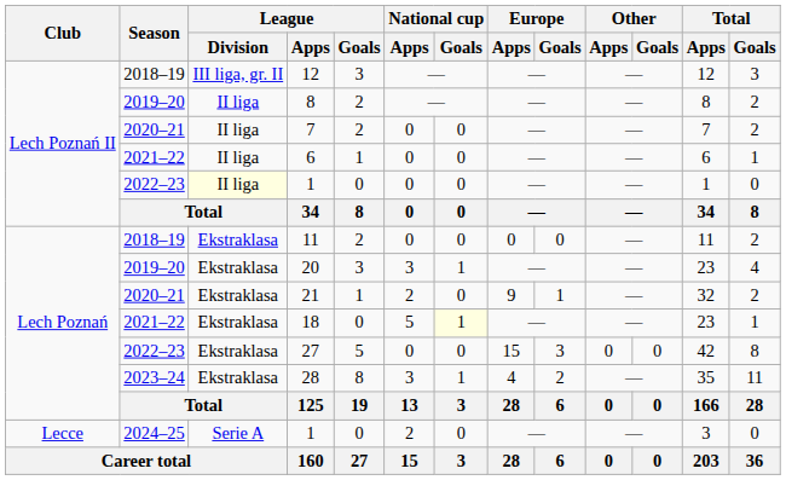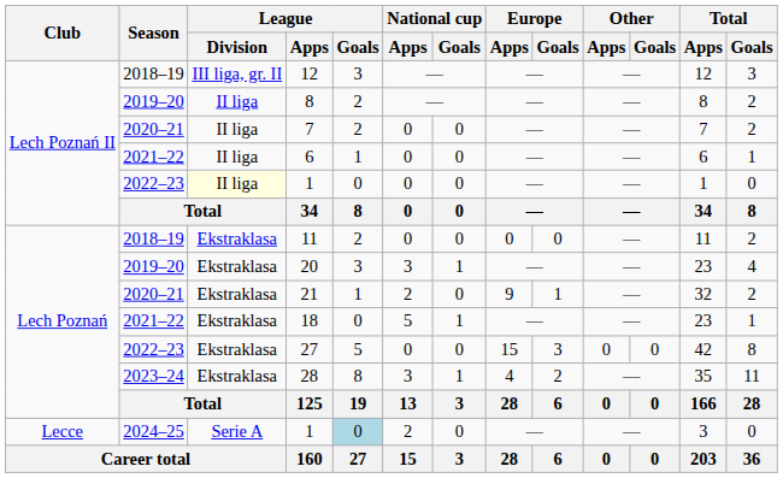 <table class="wikitable" style="text-align: center;">
 <tr>
 <th rowspan="2">Club</th>
 <th rowspan="2">Season</th>
 <th colspan="3">League</th>
 <th colspan="2">National cup</th>
 <th colspan="2">Europe</th>
 <th colspan="2">Other</th>
 <th colspan="2">Total</th>
 </tr>
 <tr>
 <th>Division</th>
 <th>Apps</th>
 <th>Goals</th>
 <th>Apps</th>
 <th>Goals</th>
 <th>Apps</th>
 <th>Goals</th>
 <th>Apps</th>
 <th>Goals</th>
 <th>Apps</th>
 <th>Goals</th>
 </tr>
 <tr>
 <td rowspan="6"><a href='#'>Lech Poznań II</a></td>
 <td>2018–19</td>
 <td rowspan="1"><a href='#'>III liga, gr. II</a></td>
 <td>12</td>
 <td>3</td>
 <td colspan="2">—</td>
 <td colspan="2">—</td>
 <td colspan="2">—</td>
 <td>12</td>
 <td>3</td>
 </tr>
 <tr>
 <td><a href='#'>2019–20</a></td>
 <td><a href='#'>II liga</a></td>
 <td>8</td>
 <td>2</td>
 <td colspan="2">—</td>
 <td colspan="2">—</td>
 <td colspan="2">—</td>
 <td>8</td>
 <td>2</td>
 </tr>
 <tr>
 <td><a href='#'>2020–21</a></td>
 <td>II liga</td>
 <td>7</td>
 <td>2</td>
 <td>0</td>
 <td>0</td>
 <td colspan="2">—</td>
 <td colspan="2">—</td>
 <td>7</td>
 <td>2</td>
 </tr>
 <tr>
 <td><a href='#'>2021–22</a></td>
 <td>II liga</td>
 <td>6</td>
 <td>1</td>
 <td>0</td>
 <td>0</td>
 <td colspan="2">—</td>
 <td colspan="2">—</td>
 <td>6</td>
 <td>1</td>
 </tr>
 <tr>
 <td><a href='#'>2022–23</a></td>
 <td style="background: lightyellow;">II liga</td>
 <td>1</td>
 <td>0</td>
 <td>0</td>
 <td>0</td>
 <td colspan="2">—</td>
 <td colspan="2">—</td>
 <td>1</td>
 <td>0</td>
 </tr>
 <tr>
 <th colspan="2">Total</th>
 <th>34</th>
 <th>8</th>
 <th>0</th>
 <th>0</th>
 <th colspan="2">—</th>
 <th colspan="2">—</th>
 <th>34</th>
 <th>8</th>
 </tr>
 <tr>
 <td rowspan="7"><a href='#'>Lech Poznań</a></td>
 <td><a href='#'>2018–19</a></td>
 <td><a href='#'>Ekstraklasa</a></td>
 <td>11</td>
 <td>2</td>
 <td>0</td>
 <td>0</td>
 <td>0</td>
 <td>0</td>
 <td colspan="2">—</td>
 <td>11</td>
 <td>2</td>
 </tr>
 <tr>
 <td><a href='#'>2019–20</a></td>
 <td>Ekstraklasa</td>
 <td>20</td>
 <td>3</td>
 <td>3</td>
 <td>1</td>
 <td colspan="2">—</td>
 <td colspan="2">—</td>
 <td>23</td>
 <td>4</td>
 </tr>
 <tr>
 <td><a href='#'>2020–21</a></td>
 <td>Ekstraklasa</td>
 <td>21</td>
 <td>1</td>
 <td>2</td>
 <td>0</td>
 <td>9</td>
 <td>1</td>
 <td colspan="2">—</td>
 <td>32</td>
 <td>2</td>
 </tr>
 <tr>
 <td><a href='#'>2021–22</a></td>
 <td>Ekstraklasa</td>
 <td>18</td>
 <td>0</td>
 <td>5</td>
-<td style="background: lightyellow;">1</td>
+<td>1</td>
 <td colspan="2">—</td>
 <td colspan="2">—</td>
 <td>23</td>
 <td>1</td>
 </tr>
 <tr>
 <td><a href='#'>2022–23</a></td>
 <td>Ekstraklasa</td>
 <td>27</td>
 <td>5</td>
 <td>0</td>
 <td>0</td>
 <td>15</td>
 <td>3</td>
 <td>0</td>
 <td>0</td>
 <td>42</td>
 <td>8</td>
 </tr>
 <tr>
 <td><a href='#'>2023–24</a></td>
 <td>Ekstraklasa</td>
 <td>28</td>
 <td>8</td>
 <td>3</td>
 <td>1</td>
 <td>4</td>
 <td>2</td>
 <td colspan="2">—</td>
 <td>35</td>
 <td>11</td>
 </tr>
 <tr>
 <th colspan="2">Total</th>
 <th>125</th>
 <th>19</th>
 <th>13</th>
 <th>3</th>
 <th>28</th>
 <th>6</th>
 <th>0</th>
 <th>0</th>
 <th>166</th>
 <th>28</th>
 </tr>
 <tr>
 <td><a href='#'>Lecce</a></td>
 <td><a href='#'>2024–25</a></td>
 <td><a href='#'>Serie A</a></td>
 <td>1</td>
-<td>0</td>
+<td style="background: lightblue;">0</td>
 <td>2</td>
 <td>0</td>
 <td colspan="2">—</td>
 <td colspan="2">—</td>
 <td>3</td>
 <td>0</td>
 </tr>
 <tr>
 <th colspan="3">Career total</th>
 <th>160</th>
 <th>27</th>
 <th>15</th>
 <th>3</th>
 <th>28</th>
 <th>6</th>
 <th>0</th>
 <th>0</th>
 <th>203</th>
 <th>36</th>
 </tr>
 </table>
